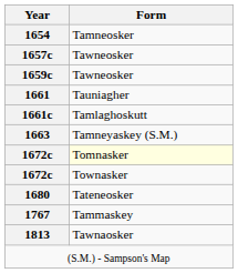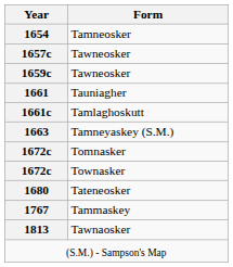 <table class="wikitable" style="margin:0 0 0 3em; border:1px solid darkgrey;">
 <tr>
 <th style="width:75px;">Year</th>
 <th style="width:200px;">Form</th>
 </tr>
 <tr>
 <th>1654</th>
 <td>Tamneosker</td>
 </tr>
 <tr>
 <th>1657c</th>
 <td>Tawneosker</td>
 </tr>
 <tr>
 <th>1659c</th>
 <td>Tawneosker</td>
 </tr>
 <tr>
 <th>1661</th>
 <td>Tauniagher</td>
 </tr>
 <tr>
 <th>1661c</th>
 <td>Tamlaghoskutt</td>
 </tr>
 <tr>
 <th>1663</th>
 <td>Tamneyaskey (S.M.) </td>
 </tr>
 <tr>
 <th>1672c</th>
-<td style="background: lightyellow;">Tomnasker</td>
+<td>Tomnasker</td>
 </tr>
 <tr>
 <th>1672c</th>
 <td>Townasker</td>
 </tr>
 <tr>
 <th>1680</th>
 <td>Tateneosker</td>
 </tr>
 <tr>
 <th>1767</th>
 <td>Tammaskey</td>
 </tr>
 <tr>
 <th>1813</th>
 <td>Tawnaosker</td>
 </tr>
 <tr>
 <td colspan="2" align="center"><sub>(S.M.) - Sampson's Map</sub></td>
 </tr>
 </table>
